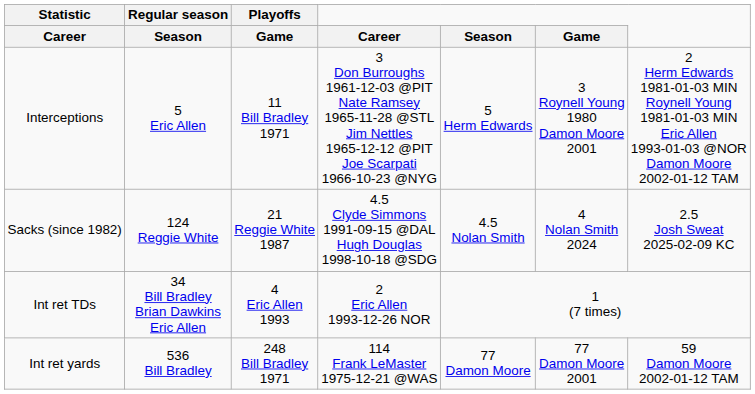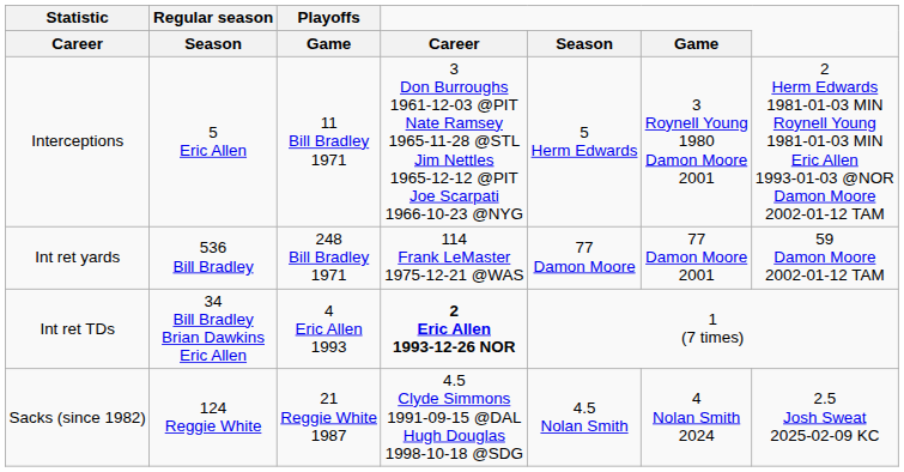 <table class="wikitable" style="text-align:center">
 <tr>
 <th>Statistic</th>
 <th>Regular season</th>
 <th>Playoffs</th>
 </tr>
 <tr>
 <th>Career</th>
 <th>Season</th>
 <th>Game</th>
 <th>Career</th>
 <th>Season</th>
 <th>Game</th>
 </tr>
 <tr>
 <td>Interceptions</td>
 <td>5<br><a href='#'>Eric Allen</a></td>
 <td>11<br><a href='#'>Bill Bradley</a><br>1971</td>
 <td>3<br><a href='#'>Don Burroughs</a><br>1961-12-03 @PIT<br><a href='#'>Nate Ramsey</a><br>1965-11-28 @STL<br><a href='#'>Jim Nettles</a><br>1965-12-12 @PIT<br><a href='#'>Joe Scarpati</a><br>1966-10-23 @NYG</td>
 <td>5<br><a href='#'>Herm Edwards</a></td>
 <td>3<br><a href='#'>Roynell Young</a><br>1980<br><a href='#'>Damon Moore</a><br>2001</td>
 <td>2<br><a href='#'>Herm Edwards</a><br>1981-01-03 MIN<br><a href='#'>Roynell Young</a><br>1981-01-03 MIN<br><a href='#'>Eric Allen</a><br>1993-01-03 @NOR<br><a href='#'>Damon Moore</a><br>2002-01-12 TAM</td>
 </tr>
 <tr>
+<td>Int ret yards</td>
+<td>536<br><a href='#'>Bill Bradley</a></td>
+<td>248<br><a href='#'>Bill Bradley</a><br>1971</td>
+<td>114<br><a href='#'>Frank LeMaster</a><br>1975-12-21 @WAS</td>
+<td>77<br><a href='#'>Damon Moore</a></td>
+<td>77<br><a href='#'>Damon Moore</a><br>2001</td>
+<td>59<br><a href='#'>Damon Moore</a><br>2002-01-12 TAM</td>
+</tr>
+<tr>
+<td>Int ret TDs</td>
+<td>34<br><a href='#'>Bill Bradley</a><br><a href='#'>Brian Dawkins</a><br><a href='#'>Eric Allen</a></td>
+<td>4<br><a href='#'>Eric Allen</a><br>1993</td>
+<td><strong>2<br><a href='#'>Eric Allen</a><br>1993-12-26 NOR</strong></td>
+<td colspan=3>1<br>(7 times)</td>
+</tr>
+<tr>
 <td>Sacks (since 1982)</td>
 <td>124<br><a href='#'>Reggie White</a></td>
 <td>21<br><a href='#'>Reggie White</a><br>1987</td>
 <td>4.5<br><a href='#'>Clyde Simmons</a><br>1991-09-15 @DAL<br><a href='#'>Hugh Douglas</a><br>1998-10-18 @SDG</td>
 <td>4.5<br><a href='#'>Nolan Smith</a></td>
 <td>4<br><a href='#'>Nolan Smith</a><br>2024</td>
 <td>2.5<br><a href='#'>Josh Sweat</a><br>2025-02-09 KC</td>
 </tr>
-<tr>
-<td>Int ret TDs</td>
-<td>34<br><a href='#'>Bill Bradley</a><br><a href='#'>Brian Dawkins</a><br><a href='#'>Eric Allen</a></td>
-<td>4<br><a href='#'>Eric Allen</a><br>1993</td>
-<td>2<br><a href='#'>Eric Allen</a><br>1993-12-26 NOR</td>
-<td colspan=3>1<br>(7 times)</td>
-</tr>
-<tr>
-<td>Int ret yards</td>
-<td>536<br><a href='#'>Bill Bradley</a></td>
-<td>248<br><a href='#'>Bill Bradley</a><br>1971</td>
-<td>114<br><a href='#'>Frank LeMaster</a><br>1975-12-21 @WAS</td>
-<td>77<br><a href='#'>Damon Moore</a></td>
-<td>77<br><a href='#'>Damon Moore</a><br>2001</td>
-<td>59<br><a href='#'>Damon Moore</a><br>2002-01-12 TAM</td>
-</tr>
 </table>
